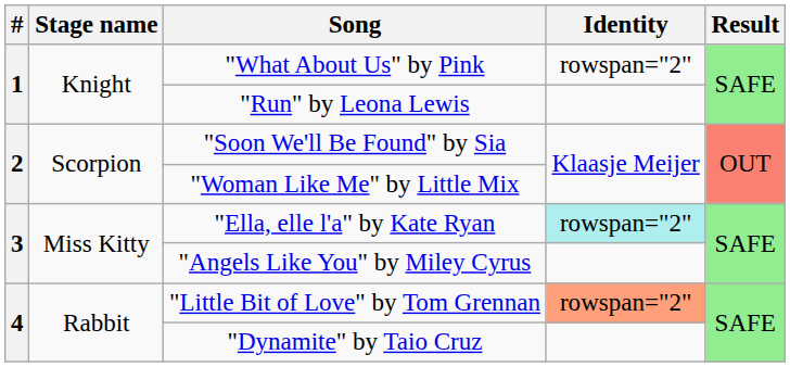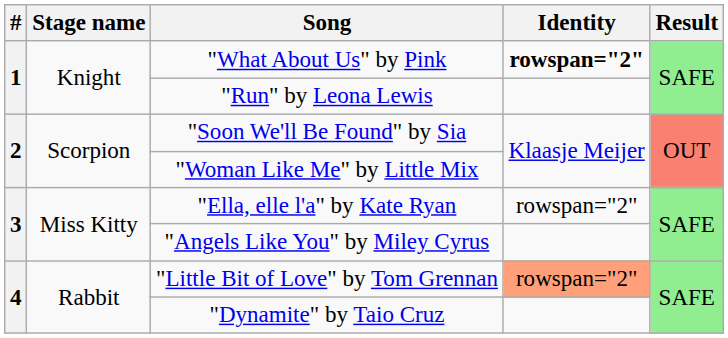 <table class="wikitable plainrowheaders" style="text-align: center;">
 <tr>
 <th>#</th>
 <th>Stage name</th>
 <th>Song</th>
 <th>Identity</th>
 <th>Result</th>
 </tr>
 <tr>
 <th rowspan="2">1</th>
 <td rowspan="2">Knight</td>
 <td>"<a href='#'>What About Us</a>" by <a href='#'>Pink</a></td>
-<td>rowspan="2" </td>
+<td><strong>rowspan="2" </strong></td>
 <td rowspan="2" bgcolor="lightgreen">SAFE</td>
 </tr>
 <tr>
 <td>"<a href='#'>Run</a>" by <a href='#'>Leona Lewis</a></td>
 </tr>
 <tr>
 <th rowspan="2">2</th>
 <td rowspan="2">Scorpion</td>
 <td>"<a href='#'>Soon We'll Be Found</a>" by <a href='#'>Sia</a></td>
 <td rowspan="2"><a href='#'>Klaasje Meijer</a></td>
 <td rowspan="2" bgcolor=salmon>OUT</td>
 </tr>
 <tr>
 <td>"<a href='#'>Woman Like Me</a>" by <a href='#'>Little Mix</a></td>
 </tr>
 <tr>
 <th rowspan="2">3</th>
 <td rowspan="2">Miss Kitty</td>
 <td>"<a href='#'>Ella, elle l'a</a>" by <a href='#'>Kate Ryan</a></td>
-<td style="background: paleturquoise;">rowspan="2" </td>
+<td>rowspan="2" </td>
 <td rowspan="2" bgcolor="lightgreen">SAFE</td>
 </tr>
 <tr>
 <td>"<a href='#'>Angels Like You</a>" by <a href='#'>Miley Cyrus</a></td>
 </tr>
 <tr>
 <th rowspan="2">4</th>
 <td rowspan="2">Rabbit</td>
 <td>"<a href='#'>Little Bit of Love</a>" by <a href='#'>Tom Grennan</a></td>
 <td style="background: lightsalmon;">rowspan="2" </td>
 <td rowspan="2" bgcolor="lightgreen">SAFE</td>
 </tr>
 <tr>
 <td>"<a href='#'>Dynamite</a>" by <a href='#'>Taio Cruz</a></td>
 </tr>
 </table>
